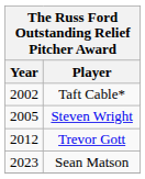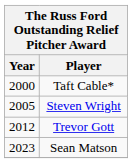 <table class="wikitable" style="display: inline-table; margin-right: 20px; text-align:center">
 <tr>
 <th scope="col" colspan="2" style="width: 145px;">The Russ Ford Outstanding Relief Pitcher Award</th>
 </tr>
 <tr>
 <th scope="col">Year</th>
 <th scope="col">Player</th>
 </tr>
 <tr>
-<td>2002</td>
+<td>2000</td>
 <td>Taft Cable*</td>
 </tr>
 <tr>
 <td>2005</td>
 <td><a href='#'>Steven Wright</a></td>
 </tr>
 <tr>
 <td>2012</td>
 <td><a href='#'>Trevor Gott</a></td>
 </tr>
 <tr>
 <td>2023</td>
 <td>Sean Matson</td>
 </tr>
 <tr>
 </tr>
 </table>
